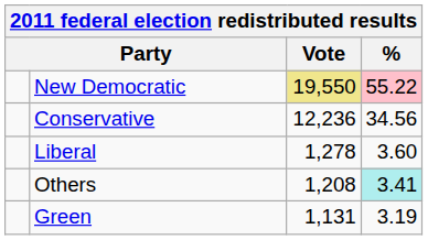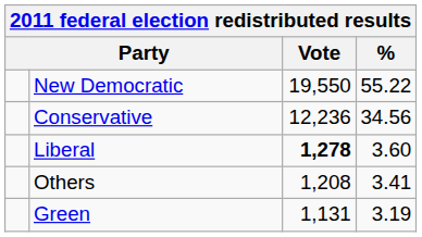 <table class="wikitable">
 <tr>
 <th colspan="4"><a href='#'>2011 federal election</a> redistributed results</th>
 </tr>
 <tr>
 <th bgcolor="#DDDDFF" width="130px" colspan="2">Party</th>
 <th bgcolor="#DDDDFF" width="50px">Vote</th>
 <th bgcolor="#DDDDFF" width="30px">%</th>
 </tr>
 <tr>
 <td> </td>
 <td><a href='#'>New Democratic</a></td>
-<td align="right" style="background: khaki;">19,550</td>
-<td align="right" style="background: pink;">55.22</td>
+<td align="right">19,550</td>
+<td align="right">55.22</td>
 </tr>
 <tr>
 <td> </td>
 <td><a href='#'>Conservative</a></td>
 <td align="right">12,236</td>
 <td align="right">34.56</td>
 </tr>
 <tr>
 <td> </td>
 <td><a href='#'>Liberal</a></td>
-<td align="right">1,278</td>
+<td align="right"><strong>1,278</strong></td>
 <td align="right">3.60</td>
 </tr>
 <tr>
 <td> </td>
 <td>Others</td>
 <td align="right">1,208</td>
-<td align="right" style="background: paleturquoise;">3.41</td>
+<td align="right">3.41</td>
 </tr>
 <tr>
 <td> </td>
 <td><a href='#'>Green</a></td>
 <td align="right">1,131</td>
 <td align="right">3.19</td>
 </tr>
 </table>
